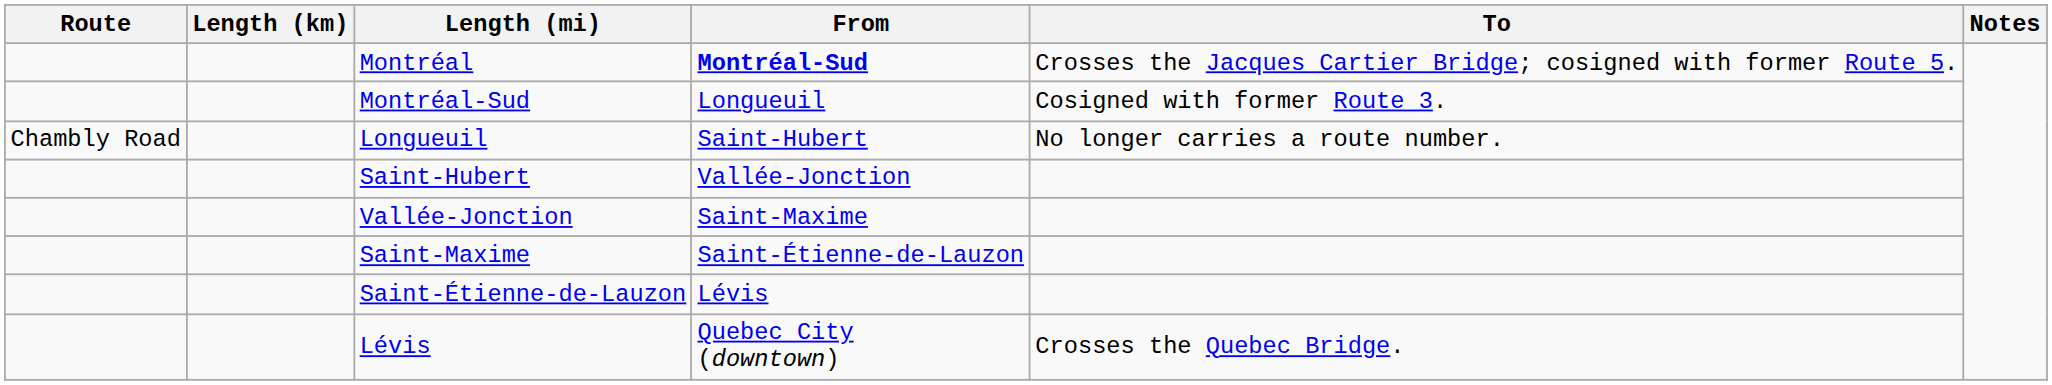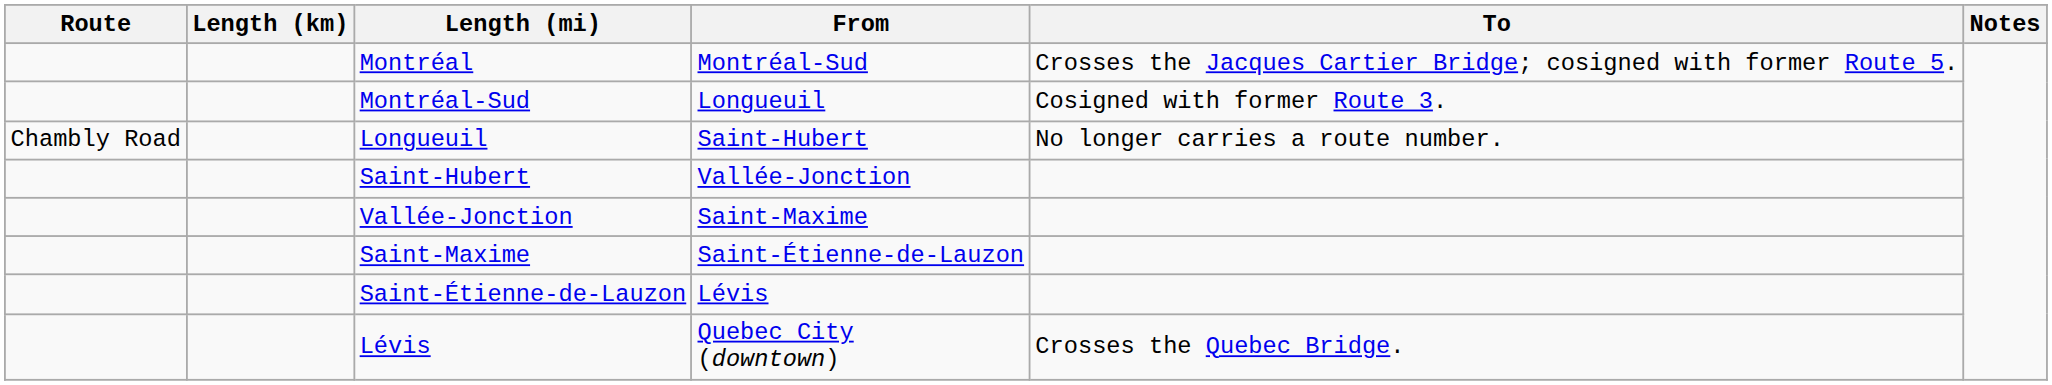 <table class=wikitable>
 <tr>
 <th>Route</th>
 <th>Length (km)</th>
 <th>Length (mi)</th>
 <th>From</th>
 <th>To</th>
 <th>Notes</th>
 </tr>
 <tr>
 <td></td>
 <td></td>
 <td><a href='#'>Montréal</a></td>
-<td><strong><a href='#'>Montréal-Sud</a></strong></td>
+<td><a href='#'>Montréal-Sud</a></td>
 <td>Crosses the <a href='#'>Jacques Cartier Bridge</a>; cosigned with former <span><a href='#'>Route 5</a></span>.</td>
 </tr>
 <tr>
 <td></td>
 <td></td>
 <td><a href='#'>Montréal-Sud</a></td>
 <td><a href='#'>Longueuil</a></td>
 <td>Cosigned with former <span><a href='#'>Route 3</a></span>.</td>
 </tr>
 <tr>
 <td>Chambly Road</td>
 <td></td>
 <td><a href='#'>Longueuil</a></td>
 <td><a href='#'>Saint-Hubert</a></td>
 <td>No longer carries a route number.</td>
 </tr>
 <tr>
 <td></td>
 <td></td>
 <td><a href='#'>Saint-Hubert</a></td>
 <td><a href='#'>Vallée-Jonction</a></td>
 <td></td>
 </tr>
 <tr>
 <td></td>
 <td></td>
 <td><a href='#'>Vallée-Jonction</a></td>
 <td><a href='#'>Saint-Maxime</a></td>
 <td></td>
 </tr>
 <tr>
 <td></td>
 <td></td>
 <td><a href='#'>Saint-Maxime</a></td>
 <td><a href='#'>Saint-Étienne-de-Lauzon</a></td>
 <td></td>
 </tr>
 <tr>
 <td></td>
 <td></td>
 <td><a href='#'>Saint-Étienne-de-Lauzon</a></td>
 <td><a href='#'>Lévis</a></td>
 <td></td>
 </tr>
 <tr>
 <td></td>
 <td></td>
 <td><a href='#'>Lévis</a></td>
 <td><a href='#'>Quebec City</a><br>(<em>downtown</em>)</td>
 <td>Crosses the <a href='#'>Quebec Bridge</a>.</td>
 </tr>
 </table>
